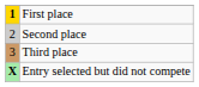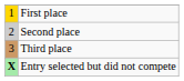 <table class="wikitable">
 <tr>
 </tr>
 <tr>
-<td style="text-align:center; background-color:#FFD700;"><strong>1</strong></td>
+<td style="text-align:center; background-color:#FFD700;">1</td>
 <td>First place</td>
 </tr>
 <tr>
 <td style="text-align:center; background-color:#CCC;">2</td>
 <td>Second place</td>
 </tr>
 <tr>
 <td style="text-align:center; background-color:#C96;">3</td>
 <td>Third place</td>
 </tr>
 <tr>
 <td style="text-align:center; background-color:#A4EAA9;"><strong>X</strong></td>
 <td>Entry selected but did not compete</td>
 </tr>
 </table>
